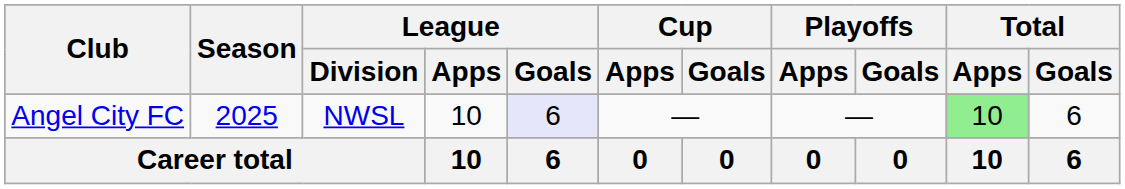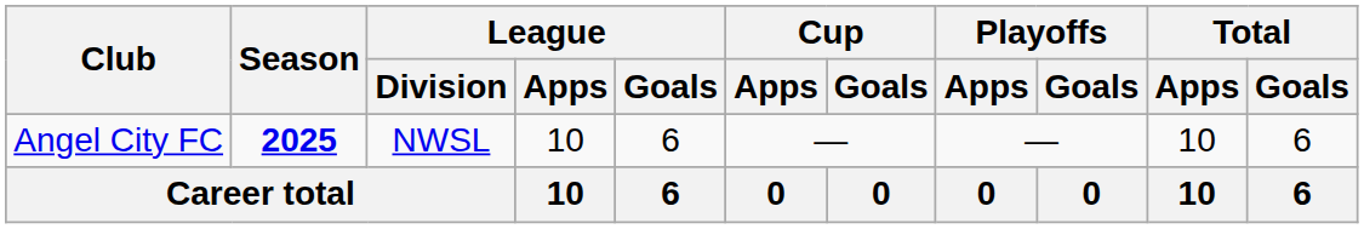 <table class="wikitable" style="text-align: center;">
 <tr>
 <th rowspan="2">Club</th>
 <th rowspan="2">Season</th>
 <th colspan="3">League</th>
 <th colspan="2">Cup</th>
 <th colspan="2">Playoffs</th>
 <th colspan="2">Total</th>
 </tr>
 <tr>
 <th>Division</th>
 <th>Apps</th>
 <th>Goals</th>
 <th>Apps</th>
 <th>Goals</th>
 <th>Apps</th>
 <th>Goals</th>
 <th>Apps</th>
 <th>Goals</th>
 </tr>
 <tr>
 <td><a href='#'>Angel City FC</a></td>
-<td><a href='#'>2025</a></td>
+<td><strong><a href='#'>2025</a></strong></td>
 <td><a href='#'>NWSL</a></td>
 <td>10</td>
-<td style="background: lavender;">6</td>
+<td>6</td>
 <td colspan="2">—</td>
 <td colspan="2">—</td>
-<td style="background: lightgreen;">10</td>
+<td>10</td>
 <td>6</td>
 </tr>
 <tr>
 <th colspan="3">Career total</th>
 <th>10</th>
 <th>6</th>
 <th>0</th>
 <th>0</th>
 <th>0</th>
 <th>0</th>
 <th>10</th>
 <th>6</th>
 </tr>
 </table>
